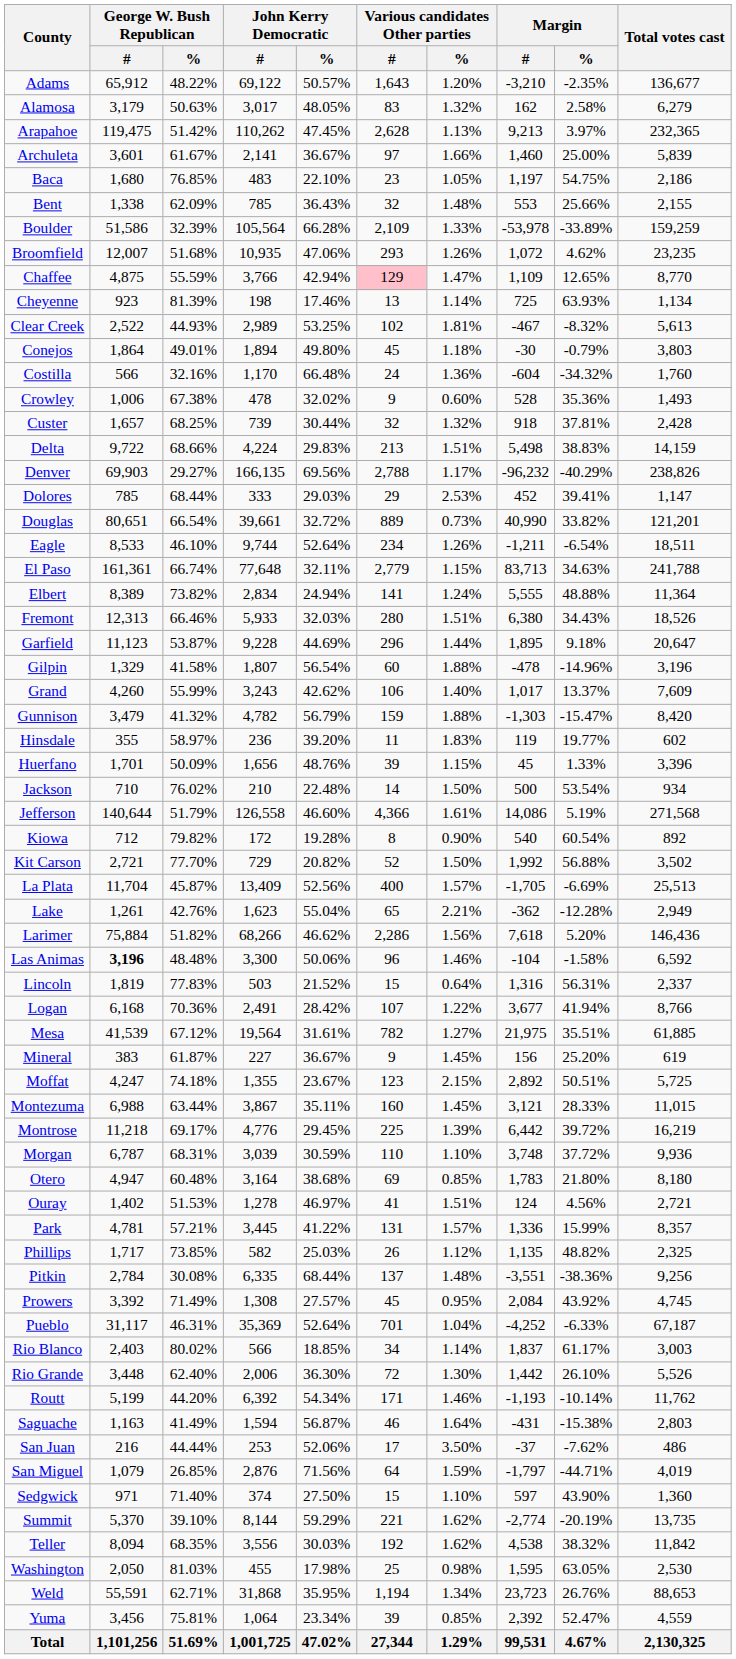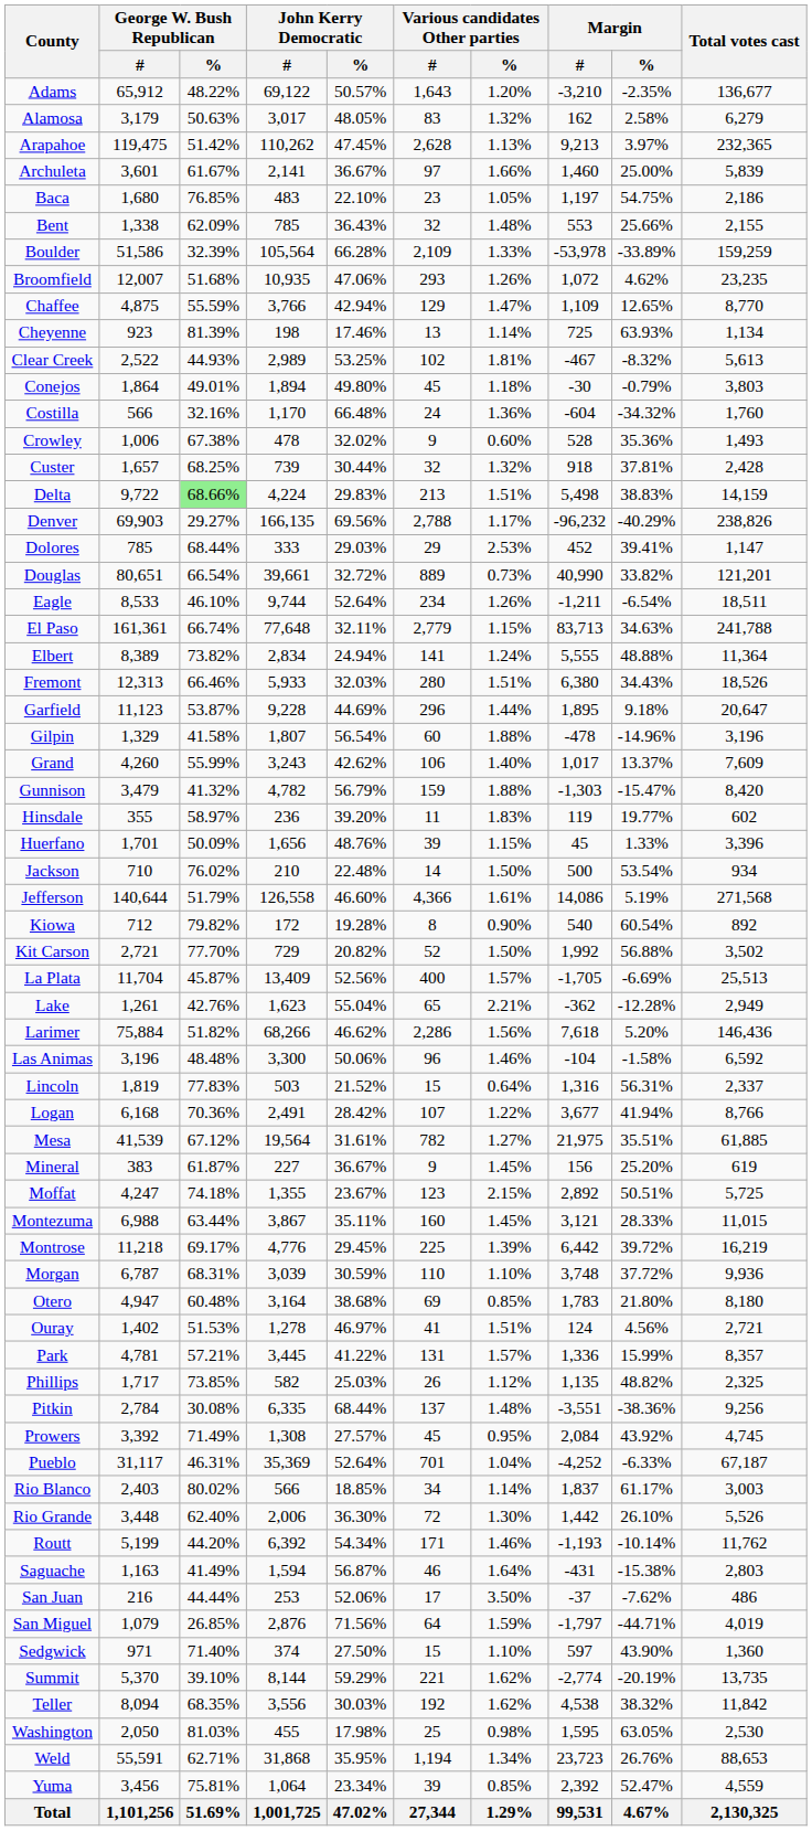 <table width="60%"  class="wikitable sortable" style="text-align:center">
 <tr>
 <th style="text-align:center;" rowspan="2">County</th>
 <th style="text-align:center;" colspan="2">George W. Bush<br>Republican</th>
 <th style="text-align:center;" colspan="2">John Kerry<br>Democratic</th>
 <th style="text-align:center;" colspan="2">Various candidates<br>Other parties</th>
 <th style="text-align:center;" colspan="2">Margin</th>
 <th style="text-align:center;" rowspan="2">Total votes cast</th>
 </tr>
 <tr>
 <th style="text-align:center;" data-sort-type="number">#</th>
 <th style="text-align:center;" data-sort-type="number">%</th>
 <th style="text-align:center;" data-sort-type="number">#</th>
 <th style="text-align:center;" data-sort-type="number">%</th>
 <th style="text-align:center;" data-sort-type="number">#</th>
 <th style="text-align:center;" data-sort-type="number">%</th>
 <th style="text-align:center;" data-sort-type="number">#</th>
 <th style="text-align:center;" data-sort-type="number">%</th>
 </tr>
 <tr style="text-align:center;">
 <td><a href='#'>Adams</a></td>
 <td>65,912</td>
 <td>48.22%</td>
 <td>69,122</td>
 <td>50.57%</td>
 <td>1,643</td>
 <td>1.20%</td>
 <td>-3,210</td>
 <td>-2.35%</td>
 <td>136,677</td>
 </tr>
 <tr style="text-align:center;">
 <td><a href='#'>Alamosa</a></td>
 <td>3,179</td>
 <td>50.63%</td>
 <td>3,017</td>
 <td>48.05%</td>
 <td>83</td>
 <td>1.32%</td>
 <td>162</td>
 <td>2.58%</td>
 <td>6,279</td>
 </tr>
 <tr style="text-align:center;">
 <td><a href='#'>Arapahoe</a></td>
 <td>119,475</td>
 <td>51.42%</td>
 <td>110,262</td>
 <td>47.45%</td>
 <td>2,628</td>
 <td>1.13%</td>
 <td>9,213</td>
 <td>3.97%</td>
 <td>232,365</td>
 </tr>
 <tr style="text-align:center;">
 <td><a href='#'>Archuleta</a></td>
 <td>3,601</td>
 <td>61.67%</td>
 <td>2,141</td>
 <td>36.67%</td>
 <td>97</td>
 <td>1.66%</td>
 <td>1,460</td>
 <td>25.00%</td>
 <td>5,839</td>
 </tr>
 <tr style="text-align:center;">
 <td><a href='#'>Baca</a></td>
 <td>1,680</td>
 <td>76.85%</td>
 <td>483</td>
 <td>22.10%</td>
 <td>23</td>
 <td>1.05%</td>
 <td>1,197</td>
 <td>54.75%</td>
 <td>2,186</td>
 </tr>
 <tr style="text-align:center;">
 <td><a href='#'>Bent</a></td>
 <td>1,338</td>
 <td>62.09%</td>
 <td>785</td>
 <td>36.43%</td>
 <td>32</td>
 <td>1.48%</td>
 <td>553</td>
 <td>25.66%</td>
 <td>2,155</td>
 </tr>
 <tr style="text-align:center;">
 <td><a href='#'>Boulder</a></td>
 <td>51,586</td>
 <td>32.39%</td>
 <td>105,564</td>
 <td>66.28%</td>
 <td>2,109</td>
 <td>1.33%</td>
 <td>-53,978</td>
 <td>-33.89%</td>
 <td>159,259</td>
 </tr>
 <tr style="text-align:center;">
 <td><a href='#'>Broomfield</a></td>
 <td>12,007</td>
 <td>51.68%</td>
 <td>10,935</td>
 <td>47.06%</td>
 <td>293</td>
 <td>1.26%</td>
 <td>1,072</td>
 <td>4.62%</td>
 <td>23,235</td>
 </tr>
 <tr style="text-align:center;">
 <td><a href='#'>Chaffee</a></td>
 <td>4,875</td>
 <td>55.59%</td>
 <td>3,766</td>
 <td>42.94%</td>
-<td style="background: pink;">129</td>
+<td>129</td>
 <td>1.47%</td>
 <td>1,109</td>
 <td>12.65%</td>
 <td>8,770</td>
 </tr>
 <tr style="text-align:center;">
 <td><a href='#'>Cheyenne</a></td>
 <td>923</td>
 <td>81.39%</td>
 <td>198</td>
 <td>17.46%</td>
 <td>13</td>
 <td>1.14%</td>
 <td>725</td>
 <td>63.93%</td>
 <td>1,134</td>
 </tr>
 <tr style="text-align:center;">
 <td><a href='#'>Clear Creek</a></td>
 <td>2,522</td>
 <td>44.93%</td>
 <td>2,989</td>
 <td>53.25%</td>
 <td>102</td>
 <td>1.81%</td>
 <td>-467</td>
 <td>-8.32%</td>
 <td>5,613</td>
 </tr>
 <tr style="text-align:center;">
 <td><a href='#'>Conejos</a></td>
 <td>1,864</td>
 <td>49.01%</td>
 <td>1,894</td>
 <td>49.80%</td>
 <td>45</td>
 <td>1.18%</td>
 <td>-30</td>
 <td>-0.79%</td>
 <td>3,803</td>
 </tr>
 <tr style="text-align:center;">
 <td><a href='#'>Costilla</a></td>
 <td>566</td>
 <td>32.16%</td>
 <td>1,170</td>
 <td>66.48%</td>
 <td>24</td>
 <td>1.36%</td>
 <td>-604</td>
 <td>-34.32%</td>
 <td>1,760</td>
 </tr>
 <tr style="text-align:center;">
 <td><a href='#'>Crowley</a></td>
 <td>1,006</td>
 <td>67.38%</td>
 <td>478</td>
 <td>32.02%</td>
 <td>9</td>
 <td>0.60%</td>
 <td>528</td>
 <td>35.36%</td>
 <td>1,493</td>
 </tr>
 <tr style="text-align:center;">
 <td><a href='#'>Custer</a></td>
 <td>1,657</td>
 <td>68.25%</td>
 <td>739</td>
 <td>30.44%</td>
 <td>32</td>
 <td>1.32%</td>
 <td>918</td>
 <td>37.81%</td>
 <td>2,428</td>
 </tr>
 <tr style="text-align:center;">
 <td><a href='#'>Delta</a></td>
 <td>9,722</td>
-<td>68.66%</td>
+<td style="background: lightgreen;">68.66%</td>
 <td>4,224</td>
 <td>29.83%</td>
 <td>213</td>
 <td>1.51%</td>
 <td>5,498</td>
 <td>38.83%</td>
 <td>14,159</td>
 </tr>
 <tr style="text-align:center;">
 <td><a href='#'>Denver</a></td>
 <td>69,903</td>
 <td>29.27%</td>
 <td>166,135</td>
 <td>69.56%</td>
 <td>2,788</td>
 <td>1.17%</td>
 <td>-96,232</td>
 <td>-40.29%</td>
 <td>238,826</td>
 </tr>
 <tr style="text-align:center;">
 <td><a href='#'>Dolores</a></td>
 <td>785</td>
 <td>68.44%</td>
 <td>333</td>
 <td>29.03%</td>
 <td>29</td>
 <td>2.53%</td>
 <td>452</td>
 <td>39.41%</td>
 <td>1,147</td>
 </tr>
 <tr style="text-align:center;">
 <td><a href='#'>Douglas</a></td>
 <td>80,651</td>
 <td>66.54%</td>
 <td>39,661</td>
 <td>32.72%</td>
 <td>889</td>
 <td>0.73%</td>
 <td>40,990</td>
 <td>33.82%</td>
 <td>121,201</td>
 </tr>
 <tr style="text-align:center;">
 <td><a href='#'>Eagle</a></td>
 <td>8,533</td>
 <td>46.10%</td>
 <td>9,744</td>
 <td>52.64%</td>
 <td>234</td>
 <td>1.26%</td>
 <td>-1,211</td>
 <td>-6.54%</td>
 <td>18,511</td>
 </tr>
 <tr style="text-align:center;">
 <td><a href='#'>El Paso</a></td>
 <td>161,361</td>
 <td>66.74%</td>
 <td>77,648</td>
 <td>32.11%</td>
 <td>2,779</td>
 <td>1.15%</td>
 <td>83,713</td>
 <td>34.63%</td>
 <td>241,788</td>
 </tr>
 <tr style="text-align:center;">
 <td><a href='#'>Elbert</a></td>
 <td>8,389</td>
 <td>73.82%</td>
 <td>2,834</td>
 <td>24.94%</td>
 <td>141</td>
 <td>1.24%</td>
 <td>5,555</td>
 <td>48.88%</td>
 <td>11,364</td>
 </tr>
 <tr style="text-align:center;">
 <td><a href='#'>Fremont</a></td>
 <td>12,313</td>
 <td>66.46%</td>
 <td>5,933</td>
 <td>32.03%</td>
 <td>280</td>
 <td>1.51%</td>
 <td>6,380</td>
 <td>34.43%</td>
 <td>18,526</td>
 </tr>
 <tr style="text-align:center;">
 <td><a href='#'>Garfield</a></td>
 <td>11,123</td>
 <td>53.87%</td>
 <td>9,228</td>
 <td>44.69%</td>
 <td>296</td>
 <td>1.44%</td>
 <td>1,895</td>
 <td>9.18%</td>
 <td>20,647</td>
 </tr>
 <tr style="text-align:center;">
 <td><a href='#'>Gilpin</a></td>
 <td>1,329</td>
 <td>41.58%</td>
 <td>1,807</td>
 <td>56.54%</td>
 <td>60</td>
 <td>1.88%</td>
 <td>-478</td>
 <td>-14.96%</td>
 <td>3,196</td>
 </tr>
 <tr style="text-align:center;">
 <td><a href='#'>Grand</a></td>
 <td>4,260</td>
 <td>55.99%</td>
 <td>3,243</td>
 <td>42.62%</td>
 <td>106</td>
 <td>1.40%</td>
 <td>1,017</td>
 <td>13.37%</td>
 <td>7,609</td>
 </tr>
 <tr style="text-align:center;">
 <td><a href='#'>Gunnison</a></td>
 <td>3,479</td>
 <td>41.32%</td>
 <td>4,782</td>
 <td>56.79%</td>
 <td>159</td>
 <td>1.88%</td>
 <td>-1,303</td>
 <td>-15.47%</td>
 <td>8,420</td>
 </tr>
 <tr style="text-align:center;">
 <td><a href='#'>Hinsdale</a></td>
 <td>355</td>
 <td>58.97%</td>
 <td>236</td>
 <td>39.20%</td>
 <td>11</td>
 <td>1.83%</td>
 <td>119</td>
 <td>19.77%</td>
 <td>602</td>
 </tr>
 <tr style="text-align:center;">
 <td><a href='#'>Huerfano</a></td>
 <td>1,701</td>
 <td>50.09%</td>
 <td>1,656</td>
 <td>48.76%</td>
 <td>39</td>
 <td>1.15%</td>
 <td>45</td>
 <td>1.33%</td>
 <td>3,396</td>
 </tr>
 <tr style="text-align:center;">
 <td><a href='#'>Jackson</a></td>
 <td>710</td>
 <td>76.02%</td>
 <td>210</td>
 <td>22.48%</td>
 <td>14</td>
 <td>1.50%</td>
 <td>500</td>
 <td>53.54%</td>
 <td>934</td>
 </tr>
 <tr style="text-align:center;">
 <td><a href='#'>Jefferson</a></td>
 <td>140,644</td>
 <td>51.79%</td>
 <td>126,558</td>
 <td>46.60%</td>
 <td>4,366</td>
 <td>1.61%</td>
 <td>14,086</td>
 <td>5.19%</td>
 <td>271,568</td>
 </tr>
 <tr style="text-align:center;">
 <td><a href='#'>Kiowa</a></td>
 <td>712</td>
 <td>79.82%</td>
 <td>172</td>
 <td>19.28%</td>
 <td>8</td>
 <td>0.90%</td>
 <td>540</td>
 <td>60.54%</td>
 <td>892</td>
 </tr>
 <tr style="text-align:center;">
 <td><a href='#'>Kit Carson</a></td>
 <td>2,721</td>
 <td>77.70%</td>
 <td>729</td>
 <td>20.82%</td>
 <td>52</td>
 <td>1.50%</td>
 <td>1,992</td>
 <td>56.88%</td>
 <td>3,502</td>
 </tr>
 <tr style="text-align:center;">
 <td><a href='#'>La Plata</a></td>
 <td>11,704</td>
 <td>45.87%</td>
 <td>13,409</td>
 <td>52.56%</td>
 <td>400</td>
 <td>1.57%</td>
 <td>-1,705</td>
 <td>-6.69%</td>
 <td>25,513</td>
 </tr>
 <tr style="text-align:center;">
 <td><a href='#'>Lake</a></td>
 <td>1,261</td>
 <td>42.76%</td>
 <td>1,623</td>
 <td>55.04%</td>
 <td>65</td>
 <td>2.21%</td>
 <td>-362</td>
 <td>-12.28%</td>
 <td>2,949</td>
 </tr>
 <tr style="text-align:center;">
 <td><a href='#'>Larimer</a></td>
 <td>75,884</td>
 <td>51.82%</td>
 <td>68,266</td>
 <td>46.62%</td>
 <td>2,286</td>
 <td>1.56%</td>
 <td>7,618</td>
 <td>5.20%</td>
 <td>146,436</td>
 </tr>
 <tr style="text-align:center;">
 <td><a href='#'>Las Animas</a></td>
-<td><strong>3,196</strong></td>
+<td>3,196</td>
 <td>48.48%</td>
 <td>3,300</td>
 <td>50.06%</td>
 <td>96</td>
 <td>1.46%</td>
 <td>-104</td>
 <td>-1.58%</td>
 <td>6,592</td>
 </tr>
 <tr style="text-align:center;">
 <td><a href='#'>Lincoln</a></td>
 <td>1,819</td>
 <td>77.83%</td>
 <td>503</td>
 <td>21.52%</td>
 <td>15</td>
 <td>0.64%</td>
 <td>1,316</td>
 <td>56.31%</td>
 <td>2,337</td>
 </tr>
 <tr style="text-align:center;">
 <td><a href='#'>Logan</a></td>
 <td>6,168</td>
 <td>70.36%</td>
 <td>2,491</td>
 <td>28.42%</td>
 <td>107</td>
 <td>1.22%</td>
 <td>3,677</td>
 <td>41.94%</td>
 <td>8,766</td>
 </tr>
 <tr style="text-align:center;">
 <td><a href='#'>Mesa</a></td>
 <td>41,539</td>
 <td>67.12%</td>
 <td>19,564</td>
 <td>31.61%</td>
 <td>782</td>
 <td>1.27%</td>
 <td>21,975</td>
 <td>35.51%</td>
 <td>61,885</td>
 </tr>
 <tr style="text-align:center;">
 <td><a href='#'>Mineral</a></td>
 <td>383</td>
 <td>61.87%</td>
 <td>227</td>
 <td>36.67%</td>
 <td>9</td>
 <td>1.45%</td>
 <td>156</td>
 <td>25.20%</td>
 <td>619</td>
 </tr>
 <tr style="text-align:center;">
 <td><a href='#'>Moffat</a></td>
 <td>4,247</td>
 <td>74.18%</td>
 <td>1,355</td>
 <td>23.67%</td>
 <td>123</td>
 <td>2.15%</td>
 <td>2,892</td>
 <td>50.51%</td>
 <td>5,725</td>
 </tr>
 <tr style="text-align:center;">
 <td><a href='#'>Montezuma</a></td>
 <td>6,988</td>
 <td>63.44%</td>
 <td>3,867</td>
 <td>35.11%</td>
 <td>160</td>
 <td>1.45%</td>
 <td>3,121</td>
 <td>28.33%</td>
 <td>11,015</td>
 </tr>
 <tr style="text-align:center;">
 <td><a href='#'>Montrose</a></td>
 <td>11,218</td>
 <td>69.17%</td>
 <td>4,776</td>
 <td>29.45%</td>
 <td>225</td>
 <td>1.39%</td>
 <td>6,442</td>
 <td>39.72%</td>
 <td>16,219</td>
 </tr>
 <tr style="text-align:center;">
 <td><a href='#'>Morgan</a></td>
 <td>6,787</td>
 <td>68.31%</td>
 <td>3,039</td>
 <td>30.59%</td>
 <td>110</td>
 <td>1.10%</td>
 <td>3,748</td>
 <td>37.72%</td>
 <td>9,936</td>
 </tr>
 <tr style="text-align:center;">
 <td><a href='#'>Otero</a></td>
 <td>4,947</td>
 <td>60.48%</td>
 <td>3,164</td>
 <td>38.68%</td>
 <td>69</td>
 <td>0.85%</td>
 <td>1,783</td>
 <td>21.80%</td>
 <td>8,180</td>
 </tr>
 <tr style="text-align:center;">
 <td><a href='#'>Ouray</a></td>
 <td>1,402</td>
 <td>51.53%</td>
 <td>1,278</td>
 <td>46.97%</td>
 <td>41</td>
 <td>1.51%</td>
 <td>124</td>
 <td>4.56%</td>
 <td>2,721</td>
 </tr>
 <tr style="text-align:center;">
 <td><a href='#'>Park</a></td>
 <td>4,781</td>
 <td>57.21%</td>
 <td>3,445</td>
 <td>41.22%</td>
 <td>131</td>
 <td>1.57%</td>
 <td>1,336</td>
 <td>15.99%</td>
 <td>8,357</td>
 </tr>
 <tr style="text-align:center;">
 <td><a href='#'>Phillips</a></td>
 <td>1,717</td>
 <td>73.85%</td>
 <td>582</td>
 <td>25.03%</td>
 <td>26</td>
 <td>1.12%</td>
 <td>1,135</td>
 <td>48.82%</td>
 <td>2,325</td>
 </tr>
 <tr style="text-align:center;">
 <td><a href='#'>Pitkin</a></td>
 <td>2,784</td>
 <td>30.08%</td>
 <td>6,335</td>
 <td>68.44%</td>
 <td>137</td>
 <td>1.48%</td>
 <td>-3,551</td>
 <td>-38.36%</td>
 <td>9,256</td>
 </tr>
 <tr style="text-align:center;">
 <td><a href='#'>Prowers</a></td>
 <td>3,392</td>
 <td>71.49%</td>
 <td>1,308</td>
 <td>27.57%</td>
 <td>45</td>
 <td>0.95%</td>
 <td>2,084</td>
 <td>43.92%</td>
 <td>4,745</td>
 </tr>
 <tr style="text-align:center;">
 <td><a href='#'>Pueblo</a></td>
 <td>31,117</td>
 <td>46.31%</td>
 <td>35,369</td>
 <td>52.64%</td>
 <td>701</td>
 <td>1.04%</td>
 <td>-4,252</td>
 <td>-6.33%</td>
 <td>67,187</td>
 </tr>
 <tr style="text-align:center;">
 <td><a href='#'>Rio Blanco</a></td>
 <td>2,403</td>
 <td>80.02%</td>
 <td>566</td>
 <td>18.85%</td>
 <td>34</td>
 <td>1.14%</td>
 <td>1,837</td>
 <td>61.17%</td>
 <td>3,003</td>
 </tr>
 <tr style="text-align:center;">
 <td><a href='#'>Rio Grande</a></td>
 <td>3,448</td>
 <td>62.40%</td>
 <td>2,006</td>
 <td>36.30%</td>
 <td>72</td>
 <td>1.30%</td>
 <td>1,442</td>
 <td>26.10%</td>
 <td>5,526</td>
 </tr>
 <tr style="text-align:center;">
 <td><a href='#'>Routt</a></td>
 <td>5,199</td>
 <td>44.20%</td>
 <td>6,392</td>
 <td>54.34%</td>
 <td>171</td>
 <td>1.46%</td>
 <td>-1,193</td>
 <td>-10.14%</td>
 <td>11,762</td>
 </tr>
 <tr style="text-align:center;">
 <td><a href='#'>Saguache</a></td>
 <td>1,163</td>
 <td>41.49%</td>
 <td>1,594</td>
 <td>56.87%</td>
 <td>46</td>
 <td>1.64%</td>
 <td>-431</td>
 <td>-15.38%</td>
 <td>2,803</td>
 </tr>
 <tr style="text-align:center;">
 <td><a href='#'>San Juan</a></td>
 <td>216</td>
 <td>44.44%</td>
 <td>253</td>
 <td>52.06%</td>
 <td>17</td>
 <td>3.50%</td>
 <td>-37</td>
 <td>-7.62%</td>
 <td>486</td>
 </tr>
 <tr style="text-align:center;">
 <td><a href='#'>San Miguel</a></td>
 <td>1,079</td>
 <td>26.85%</td>
 <td>2,876</td>
 <td>71.56%</td>
 <td>64</td>
 <td>1.59%</td>
 <td>-1,797</td>
 <td>-44.71%</td>
 <td>4,019</td>
 </tr>
 <tr style="text-align:center;">
 <td><a href='#'>Sedgwick</a></td>
 <td>971</td>
 <td>71.40%</td>
 <td>374</td>
 <td>27.50%</td>
 <td>15</td>
 <td>1.10%</td>
 <td>597</td>
 <td>43.90%</td>
 <td>1,360</td>
 </tr>
 <tr style="text-align:center;">
 <td><a href='#'>Summit</a></td>
 <td>5,370</td>
 <td>39.10%</td>
 <td>8,144</td>
 <td>59.29%</td>
 <td>221</td>
 <td>1.62%</td>
 <td>-2,774</td>
 <td>-20.19%</td>
 <td>13,735</td>
 </tr>
 <tr style="text-align:center;">
 <td><a href='#'>Teller</a></td>
 <td>8,094</td>
 <td>68.35%</td>
 <td>3,556</td>
 <td>30.03%</td>
 <td>192</td>
 <td>1.62%</td>
 <td>4,538</td>
 <td>38.32%</td>
 <td>11,842</td>
 </tr>
 <tr style="text-align:center;">
 <td><a href='#'>Washington</a></td>
 <td>2,050</td>
 <td>81.03%</td>
 <td>455</td>
 <td>17.98%</td>
 <td>25</td>
 <td>0.98%</td>
 <td>1,595</td>
 <td>63.05%</td>
 <td>2,530</td>
 </tr>
 <tr style="text-align:center;">
 <td><a href='#'>Weld</a></td>
 <td>55,591</td>
 <td>62.71%</td>
 <td>31,868</td>
 <td>35.95%</td>
 <td>1,194</td>
 <td>1.34%</td>
 <td>23,723</td>
 <td>26.76%</td>
 <td>88,653</td>
 </tr>
 <tr style="text-align:center;">
 <td><a href='#'>Yuma</a></td>
 <td>3,456</td>
 <td>75.81%</td>
 <td>1,064</td>
 <td>23.34%</td>
 <td>39</td>
 <td>0.85%</td>
 <td>2,392</td>
 <td>52.47%</td>
 <td>4,559</td>
 </tr>
 <tr>
 <th>Total</th>
 <th>1,101,256</th>
 <th>51.69%</th>
 <th>1,001,725</th>
 <th>47.02%</th>
 <th>27,344</th>
 <th>1.29%</th>
 <th>99,531</th>
 <th>4.67%</th>
 <th>2,130,325</th>
 </tr>
 </table>
